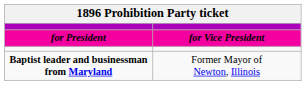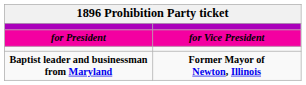 <table class="wikitable" style="font-size:90%; text-align:center;">
 <tr>
 <td style="background:#f1f1f1;" colspan="2"><big><strong>1896 Prohibition Party ticket</strong></big></td>
 </tr>
 <tr>
 <th style="width:3em; font-size:135%; background:#AA00BB; width:200px;"><a href='#'></a></th>
 <th style="width:3em; font-size:135%; background:#AA00BB; width:200px;"><a href='#'></a></th>
 </tr>
 <tr style="color:#000; font-size:100%; background:#F400A1;">
 <td style="width:3em; width:200px;"><strong><em>for President</em></strong></td>
 <td style="width:3em; width:200px;"><strong><em>for Vice President</em></strong></td>
 </tr>
 <tr>
 <td></td>
 <td></td>
 </tr>
 <tr>
 <td><strong>Baptist leader and businessman<br>from <a href='#'>Maryland</a></strong></td>
-<td>Former Mayor of<br><a href='#'>Newton</a>, <a href='#'>Illinois</a></td>
+<td><strong>Former Mayor of<br><a href='#'>Newton</a>, <a href='#'>Illinois</a></strong></td>
 </tr>
 </table>
